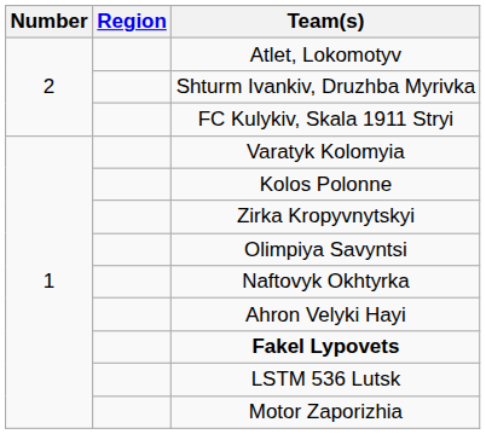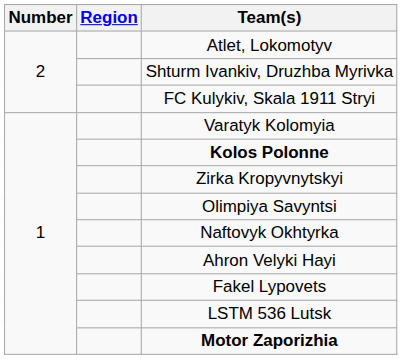 <table class="wikitable" style="text-align:center">
 <tr>
 <th>Number</th>
 <th><a href='#'>Region</a></th>
 <th>Team(s)</th>
 </tr>
 <tr>
 <td rowspan="3">2</td>
 <td align="left"></td>
 <td>Atlet, Lokomotyv</td>
 </tr>
 <tr>
 <td align="left"></td>
 <td>Shturm Ivankiv, Druzhba Myrivka</td>
 </tr>
 <tr>
 <td align="left"></td>
 <td>FC Kulykiv, Skala 1911 Stryi</td>
 </tr>
 <tr>
 <td rowspan="13">1</td>
 <td align="left"></td>
 <td>Varatyk Kolomyia</td>
 </tr>
 <tr>
 <td align="left"></td>
-<td>Kolos Polonne</td>
+<td><strong>Kolos Polonne</strong></td>
 </tr>
 <tr>
 <td align="left"></td>
 <td>Zirka Kropyvnytskyi</td>
 </tr>
 <tr>
 <td align="left"></td>
 <td>Olimpiya Savyntsi</td>
 </tr>
 <tr>
 <td align="left"></td>
 <td>Naftovyk Okhtyrka</td>
 </tr>
 <tr>
 <td align="left"></td>
 <td>Ahron Velyki Hayi</td>
 </tr>
 <tr>
 <td align="left"></td>
-<td><strong>Fakel Lypovets</strong></td>
+<td>Fakel Lypovets</td>
 </tr>
 <tr>
 <td align="left"></td>
 <td>LSTM 536 Lutsk</td>
 </tr>
 <tr>
 <td align="left"></td>
-<td>Motor Zaporizhia</td>
+<td><strong>Motor Zaporizhia</strong></td>
 </tr>
 </table>
